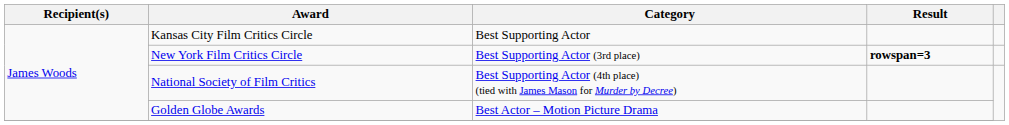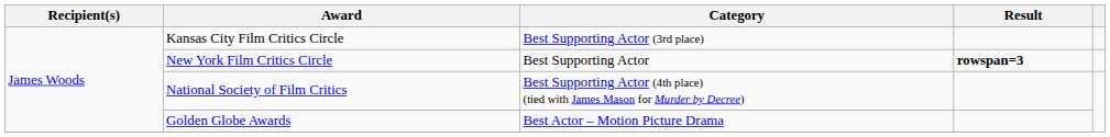 <table class="wikitable sortable" style="width: 99%;">
 <tr>
 <th scope="col">Recipient(s)</th>
 <th scope="col">Award</th>
 <th scope="col">Category</th>
 <th scope="col">Result</th>
 <th scope="col" class="unsortable"></th>
 </tr>
 <tr>
 <td rowspan=4><a href='#'>James Woods</a></td>
 <td>Kansas City Film Critics Circle</td>
-<td>Best Supporting Actor</td>
+<td><a href='#'>Best Supporting Actor</a> <small>(3rd place)</small></td>
 <td></td>
 <td></td>
 </tr>
 <tr>
 <td><a href='#'>New York Film Critics Circle</a></td>
-<td><a href='#'>Best Supporting Actor</a> <small>(3rd place)</small></td>
+<td>Best Supporting Actor</td>
 <td><strong>rowspan=3 </strong></td>
 <td></td>
 </tr>
 <tr>
 <td><a href='#'>National Society of Film Critics</a></td>
 <td><a href='#'>Best Supporting Actor</a> <small>(4th place)</small><br><small>(tied with <a href='#'>James Mason</a> for <em><a href='#'>Murder by Decree</a></em>)</small></td>
 <td></td>
 </tr>
 <tr>
 <td><a href='#'>Golden Globe Awards</a></td>
 <td><a href='#'>Best Actor – Motion Picture Drama</a></td>
 <td></td>
 </tr>
 <tr>
 </tr>
 </table>
